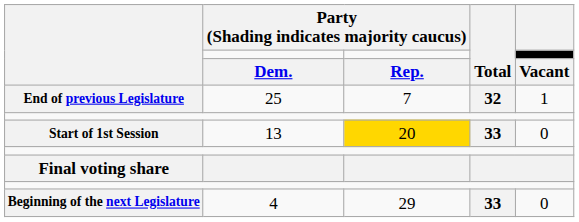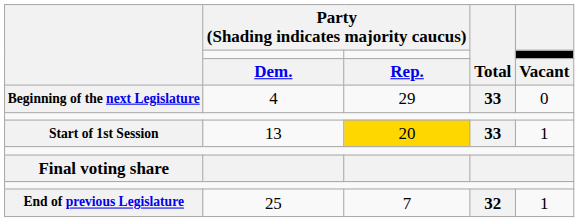 <table class=wikitable style="text-align:center">
 <tr style="vertical-align:bottom;">
 <th rowspan=3></th>
 <th colspan=2>Party <div>(Shading indicates majority caucus)</div></th>
 <th rowspan=3>Total</th>
 <th></th>
 </tr>
 <tr style="height:5px">
 <td style="background-color:"></td>
 <td style="background-color:"></td>
 <td style="background:black;"></td>
 </tr>
 <tr>
 <th><a href='#'>Dem.</a></th>
 <th><a href='#'>Rep.</a></th>
 <th>Vacant</th>
 </tr>
 <tr>
-<th style="font-size:80%;">End of <a href='#'>previous Legislature</a></th>
-<td>25</td>
-<td>7</td>
-<th>32</th>
-<td>1</td>
+<th style="font-size:80%;">Beginning of the <a href='#'>next Legislature</a></th>
+<td>4</td>
+<td>29</td>
+<th>33</th>
+<td>0</td>
 </tr>
 <tr>
 <td colspan=5></td>
 </tr>
 <tr>
 <th style="font-size:80%;">Start of 1st Session</th>
 <td>13</td>
 <td style="background: gold;">20</td>
 <th>33</th>
-<td>0</td>
+<td>1</td>
 </tr>
 <tr>
 <td colspan=5></td>
 </tr>
 <tr>
 <th>Final voting share</th>
 <th></th>
 <th></th>
 <th colspan=2></th>
 </tr>
 <tr>
 <td colspan=5></td>
 </tr>
 <tr>
-<th style="font-size:80%;">Beginning of the <a href='#'>next Legislature</a></th>
-<td>4</td>
-<td>29</td>
-<th>33</th>
-<td>0</td>
+<th style="font-size:80%;">End of <a href='#'>previous Legislature</a></th>
+<td>25</td>
+<td>7</td>
+<th>32</th>
+<td>1</td>
 </tr>
 </table>
